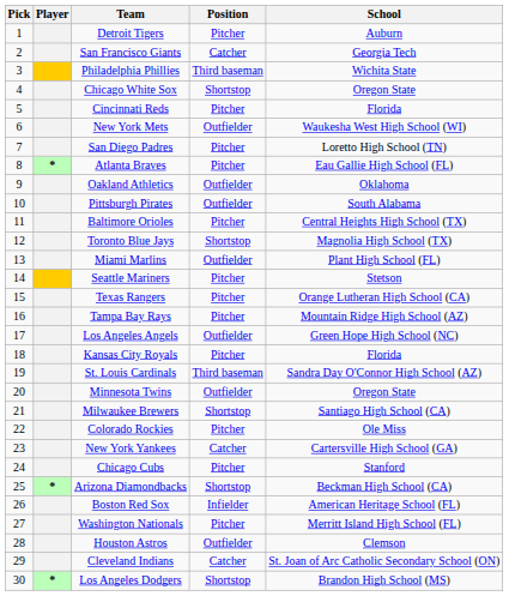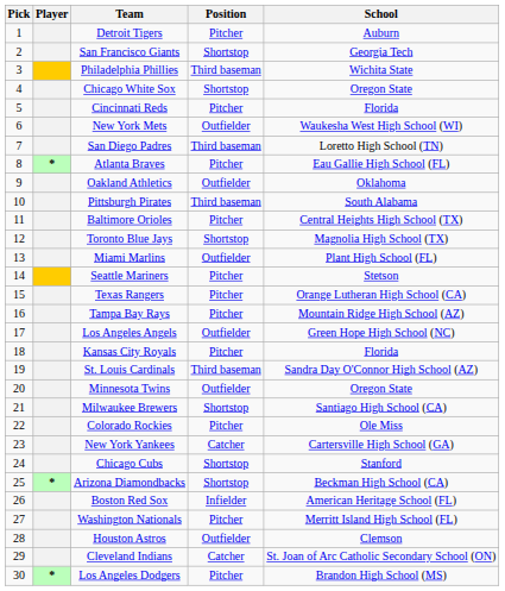 <table class="wikitable sortable plainrowheaders" style="text-align:center; width=74%">
 <tr>
 <th scope="col">Pick</th>
 <th scope="col">Player</th>
 <th scope="col">Team</th>
 <th scope="col">Position</th>
 <th scope="col">School</th>
 </tr>
 <tr>
 <td>1</td>
 <th scope="row" style="text-align:center"></th>
 <td><a href='#'>Detroit Tigers</a></td>
 <td><a href='#'>Pitcher</a></td>
 <td><a href='#'>Auburn</a></td>
 </tr>
 <tr>
 <td>2</td>
 <th scope="row" style="text-align:center"></th>
 <td><a href='#'>San Francisco Giants</a></td>
-<td><a href='#'>Catcher</a></td>
+<td><a href='#'>Shortstop</a></td>
 <td><a href='#'>Georgia Tech</a></td>
 </tr>
 <tr>
 <td>3</td>
 <th scope="row" style="text-align:center; background-color:#FFCC00"></th>
 <td><a href='#'>Philadelphia Phillies</a></td>
 <td><a href='#'>Third baseman</a></td>
 <td><a href='#'>Wichita State</a></td>
 </tr>
 <tr>
 <td>4</td>
 <th scope="row" style="text-align:center"></th>
 <td><a href='#'>Chicago White Sox</a></td>
 <td><a href='#'>Shortstop</a></td>
 <td><a href='#'>Oregon State</a></td>
 </tr>
 <tr>
 <td>5</td>
 <th scope="row" style="text-align:center"></th>
 <td><a href='#'>Cincinnati Reds</a></td>
 <td><a href='#'>Pitcher</a></td>
 <td><a href='#'>Florida</a></td>
 </tr>
 <tr>
 <td>6</td>
 <th scope="row" style="text-align:center"></th>
 <td><a href='#'>New York Mets</a></td>
 <td><a href='#'>Outfielder</a></td>
 <td><a href='#'>Waukesha West High School</a> (<a href='#'>WI</a>)</td>
 </tr>
 <tr>
 <td>7</td>
 <th scope="row" style="text-align:center"></th>
 <td><a href='#'>San Diego Padres</a></td>
-<td><a href='#'>Pitcher</a></td>
+<td><a href='#'>Third baseman</a></td>
 <td>Loretto High School (<a href='#'>TN</a>)</td>
 </tr>
 <tr>
 <td>8</td>
 <th scope="row" style="text-align:center; background:#bfb;">*</th>
 <td><a href='#'>Atlanta Braves</a></td>
 <td><a href='#'>Pitcher</a></td>
 <td><a href='#'>Eau Gallie High School</a> (<a href='#'>FL</a>)</td>
 </tr>
 <tr>
 <td>9</td>
 <th scope="row" style="text-align:center"></th>
 <td><a href='#'>Oakland Athletics</a></td>
 <td><a href='#'>Outfielder</a></td>
 <td><a href='#'>Oklahoma</a></td>
 </tr>
 <tr>
 <td>10</td>
 <th scope="row" style="text-align:center"></th>
 <td><a href='#'>Pittsburgh Pirates</a></td>
-<td><a href='#'>Outfielder</a></td>
+<td><a href='#'>Third baseman</a></td>
 <td><a href='#'>South Alabama</a></td>
 </tr>
 <tr>
 <td>11</td>
 <th scope="row" style="text-align:center"></th>
 <td><a href='#'>Baltimore Orioles</a></td>
 <td><a href='#'>Pitcher</a></td>
 <td><a href='#'>Central Heights High School</a> (<a href='#'>TX</a>)</td>
 </tr>
 <tr>
 <td>12</td>
 <th scope="row" style="text-align:center"></th>
 <td><a href='#'>Toronto Blue Jays</a></td>
 <td><a href='#'>Shortstop</a></td>
 <td><a href='#'>Magnolia High School</a> (<a href='#'>TX</a>)</td>
 </tr>
 <tr>
 <td>13</td>
 <th scope="row" style="text-align:center"></th>
 <td><a href='#'>Miami Marlins</a></td>
 <td><a href='#'>Outfielder</a></td>
 <td><a href='#'>Plant High School</a> (<a href='#'>FL</a>)</td>
 </tr>
 <tr>
 <td>14</td>
 <th scope="row" style="text-align:center; background-color:#FFCC00"></th>
 <td><a href='#'>Seattle Mariners</a></td>
 <td><a href='#'>Pitcher</a></td>
 <td><a href='#'>Stetson</a></td>
 </tr>
 <tr>
 <td>15</td>
 <th scope="row" style="text-align:center"></th>
 <td><a href='#'>Texas Rangers</a></td>
 <td><a href='#'>Pitcher</a></td>
 <td><a href='#'>Orange Lutheran High School</a> (<a href='#'>CA</a>)</td>
 </tr>
 <tr>
 <td>16</td>
 <th scope="row" style="text-align:center"></th>
 <td><a href='#'>Tampa Bay Rays</a></td>
 <td><a href='#'>Pitcher</a></td>
 <td><a href='#'>Mountain Ridge High School</a> (<a href='#'>AZ</a>)</td>
 </tr>
 <tr>
 <td>17</td>
 <th scope="row" style="text-align:center"></th>
 <td><a href='#'>Los Angeles Angels</a></td>
 <td><a href='#'>Outfielder</a></td>
 <td><a href='#'>Green Hope High School</a> (<a href='#'>NC</a>)</td>
 </tr>
 <tr>
 <td>18</td>
 <th scope="row" style="text-align:center"></th>
 <td><a href='#'>Kansas City Royals</a></td>
 <td><a href='#'>Pitcher</a></td>
 <td><a href='#'>Florida</a></td>
 </tr>
 <tr>
 <td>19</td>
 <th scope="row" style="text-align:center"></th>
 <td><a href='#'>St. Louis Cardinals</a></td>
 <td><a href='#'>Third baseman</a></td>
 <td><a href='#'>Sandra Day O'Connor High School</a> (<a href='#'>AZ</a>)</td>
 </tr>
 <tr>
 <td>20</td>
 <th scope="row" style="text-align:center"></th>
 <td><a href='#'>Minnesota Twins</a></td>
 <td><a href='#'>Outfielder</a></td>
 <td><a href='#'>Oregon State</a></td>
 </tr>
 <tr>
 <td>21</td>
 <th scope="row" style="text-align:center"></th>
 <td><a href='#'>Milwaukee Brewers</a></td>
 <td><a href='#'>Shortstop</a></td>
 <td><a href='#'>Santiago High School</a> (<a href='#'>CA</a>)</td>
 </tr>
 <tr>
 <td>22</td>
 <th scope="row" style="text-align:center"></th>
 <td><a href='#'>Colorado Rockies</a></td>
 <td><a href='#'>Pitcher</a></td>
 <td><a href='#'>Ole Miss</a></td>
 </tr>
 <tr>
 <td>23</td>
 <th scope="row" style="text-align:center"></th>
 <td><a href='#'>New York Yankees</a></td>
 <td><a href='#'>Catcher</a></td>
 <td><a href='#'>Cartersville High School</a> (<a href='#'>GA</a>)</td>
 </tr>
 <tr>
 <td>24</td>
 <th scope="row" style="text-align:center"></th>
 <td><a href='#'>Chicago Cubs</a></td>
-<td><a href='#'>Pitcher</a></td>
+<td><a href='#'>Shortstop</a></td>
 <td><a href='#'>Stanford</a></td>
 </tr>
 <tr>
 <td>25</td>
 <th scope="row" style="text-align:center; background:#bfb;">*</th>
 <td><a href='#'>Arizona Diamondbacks</a></td>
 <td><a href='#'>Shortstop</a></td>
 <td><a href='#'>Beckman High School</a> (<a href='#'>CA</a>)</td>
 </tr>
 <tr>
 <td>26</td>
 <th scope="row" style="text-align:center"></th>
 <td><a href='#'>Boston Red Sox</a></td>
 <td><a href='#'>Infielder</a></td>
 <td><a href='#'>American Heritage School</a> (<a href='#'>FL</a>)</td>
 </tr>
 <tr>
 <td>27</td>
 <th scope="row" style="text-align:center"></th>
 <td><a href='#'>Washington Nationals</a></td>
 <td><a href='#'>Pitcher</a></td>
 <td><a href='#'>Merritt Island High School</a> (<a href='#'>FL</a>)</td>
 </tr>
 <tr>
 <td>28</td>
 <th scope="row" style="text-align:center"></th>
 <td><a href='#'>Houston Astros</a></td>
 <td><a href='#'>Outfielder</a></td>
 <td><a href='#'>Clemson</a></td>
 </tr>
 <tr>
 <td>29</td>
 <th scope="row" style="text-align:center"></th>
 <td><a href='#'>Cleveland Indians</a></td>
 <td><a href='#'>Catcher</a></td>
 <td><a href='#'>St. Joan of Arc Catholic Secondary School</a> (<a href='#'>ON</a>)</td>
 </tr>
 <tr>
 <td>30</td>
 <th scope="row" style="text-align:center; background:#bfb;">*</th>
 <td><a href='#'>Los Angeles Dodgers</a></td>
-<td><a href='#'>Shortstop</a></td>
+<td><a href='#'>Pitcher</a></td>
 <td><a href='#'>Brandon High School</a> (<a href='#'>MS</a>)</td>
 </tr>
 </table>
